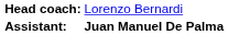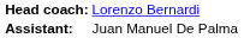 <table>
 <tr>
 <td><strong>Head coach:</strong></td>
 <td> <a href='#'>Lorenzo Bernardi</a></td>
 </tr>
 <tr>
 <td><strong>Assistant:</strong></td>
-<td><strong> Juan Manuel De Palma</strong></td>
+<td> Juan Manuel De Palma</td>
 </tr>
 <tr>
 </tr>
 </table>
